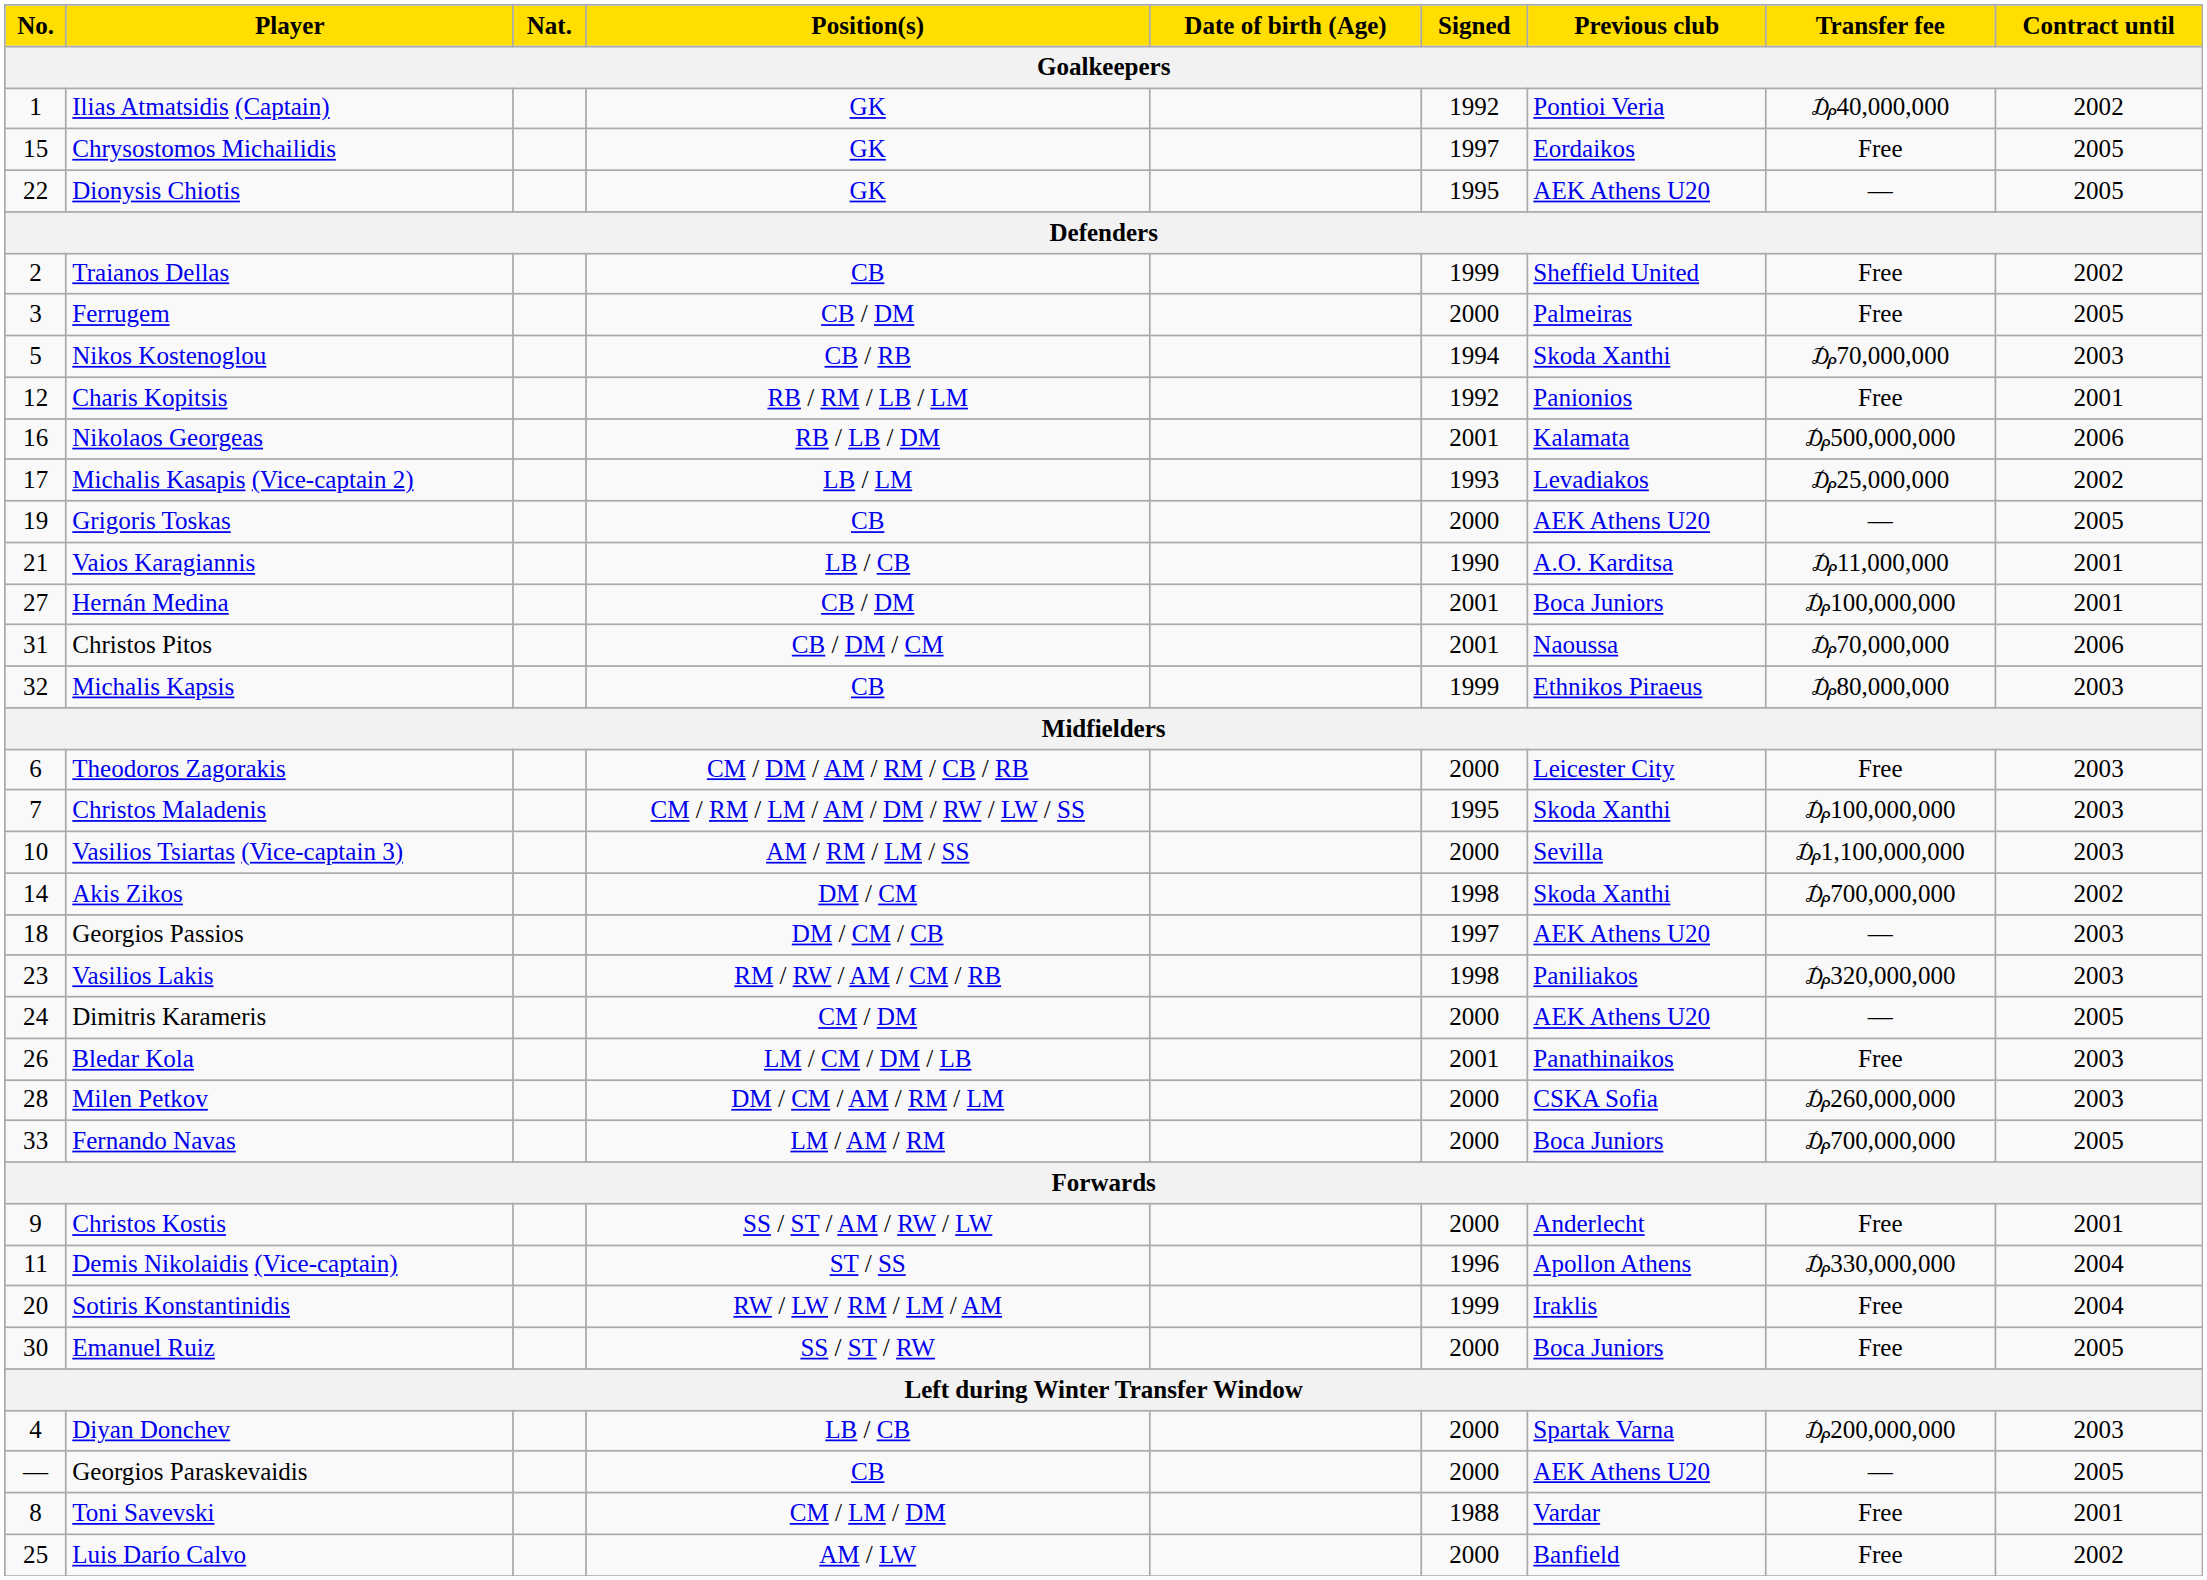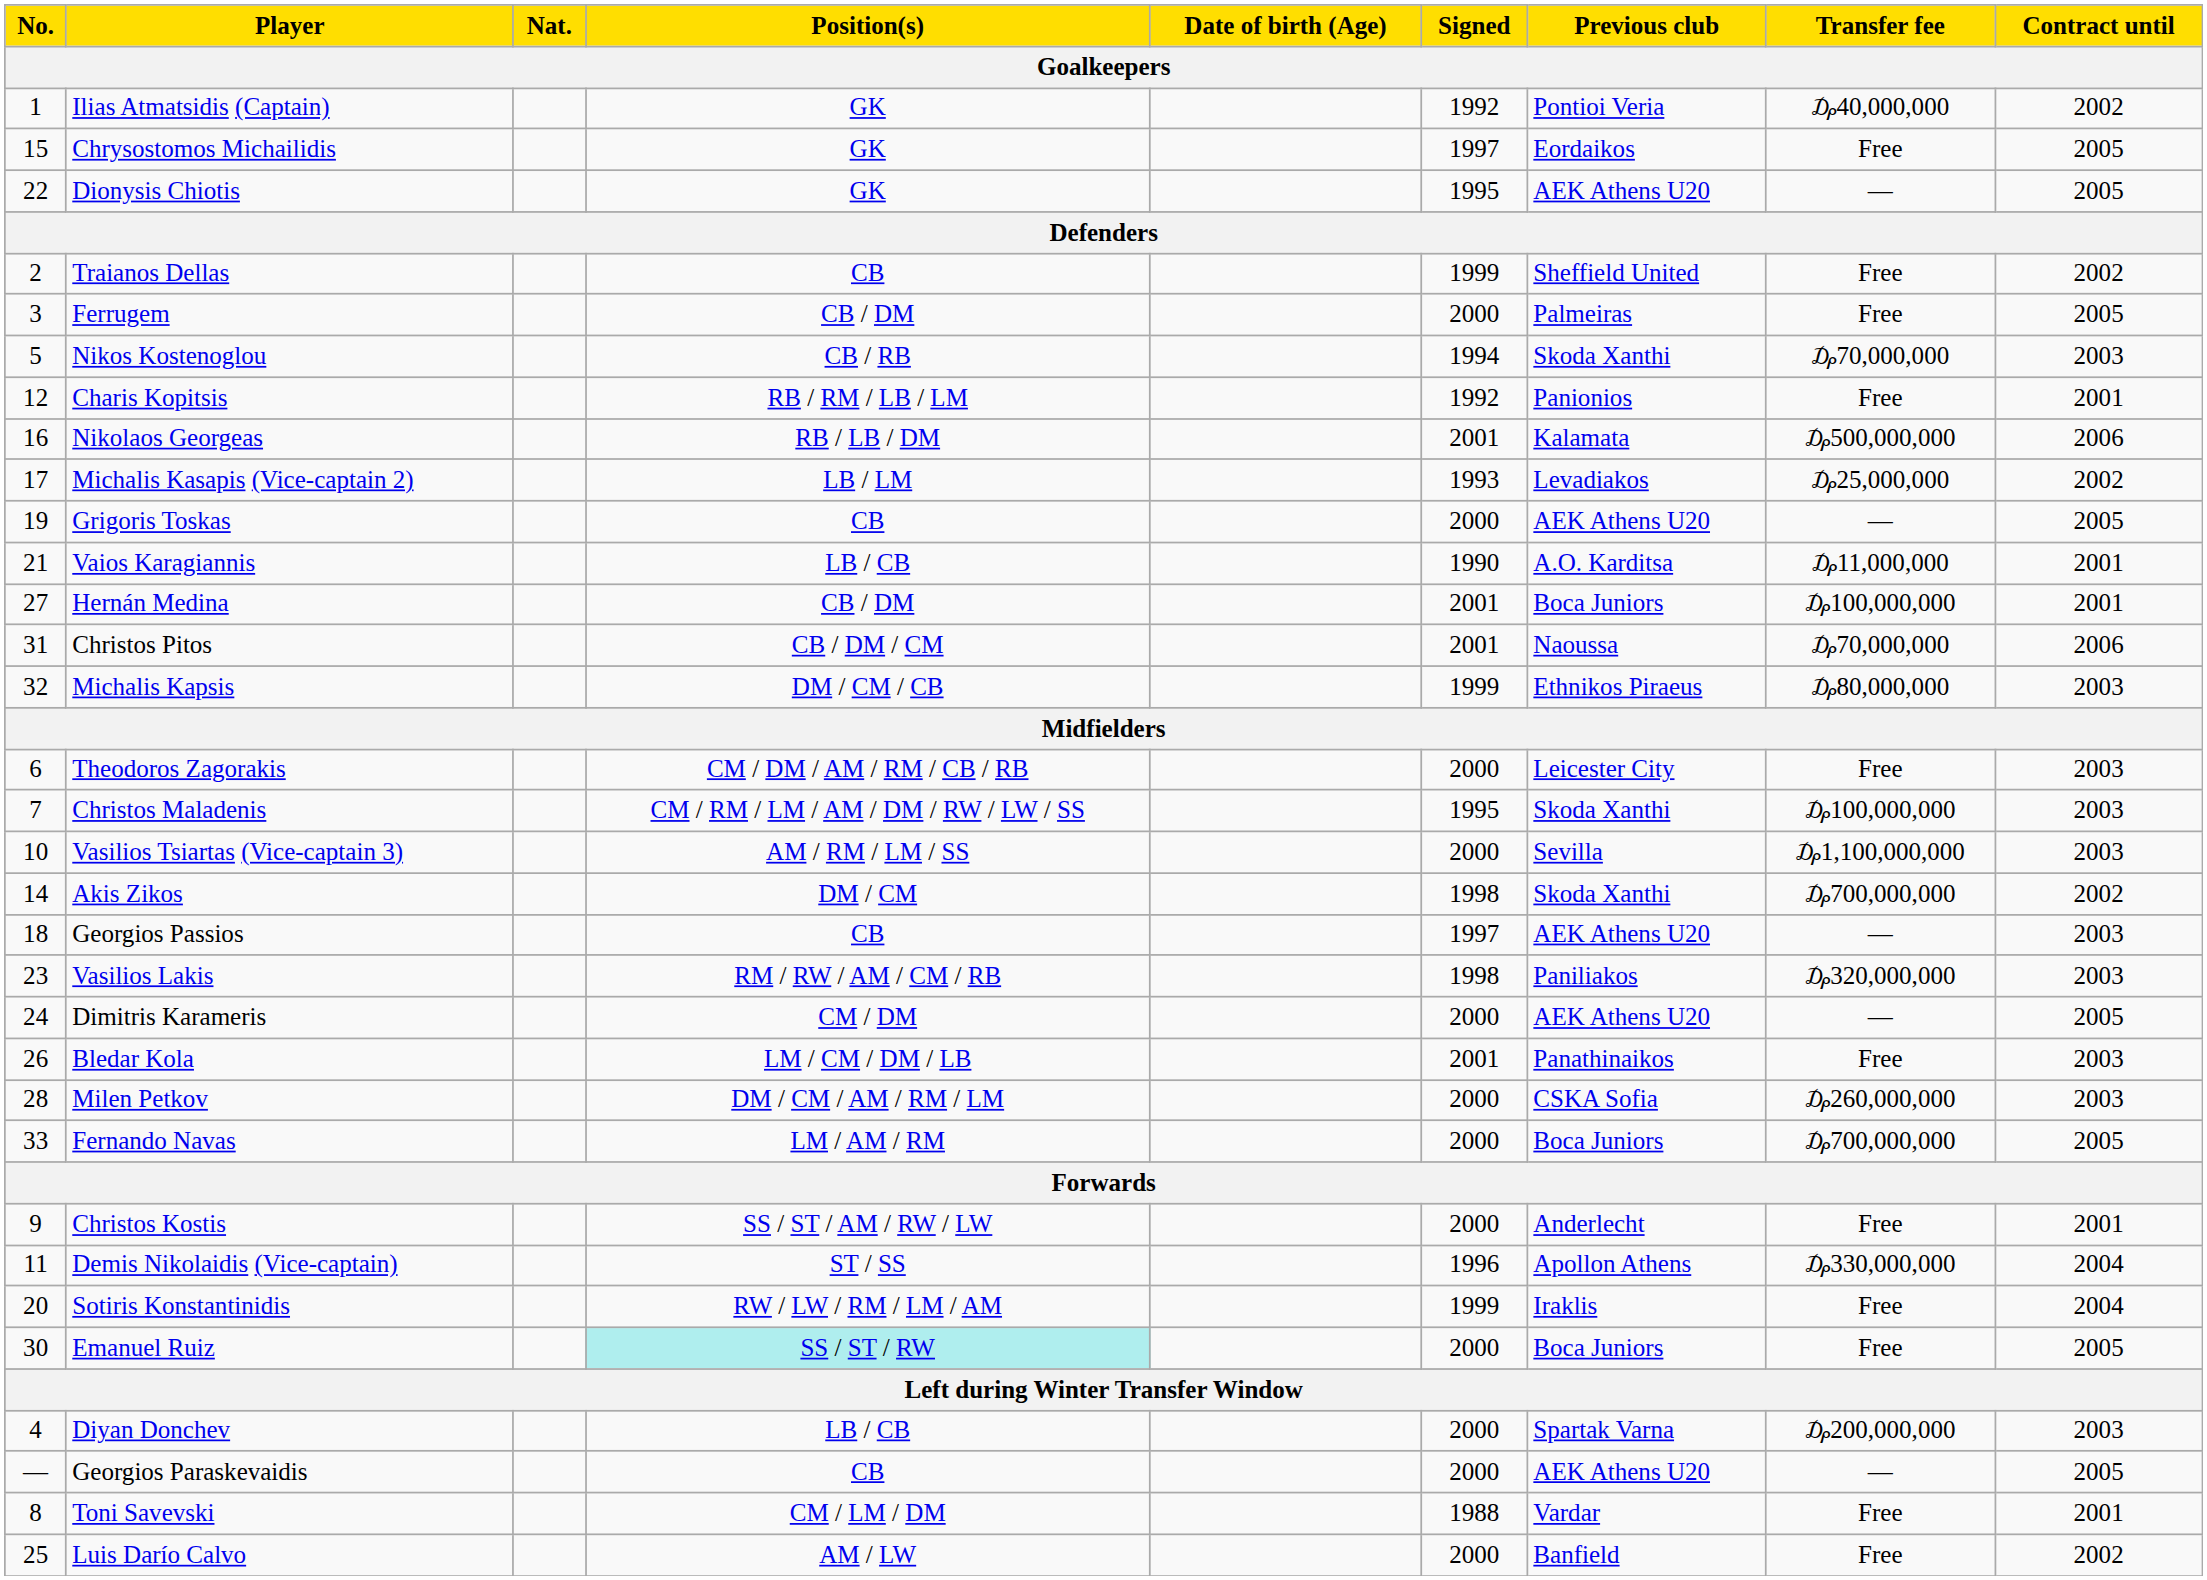 <table class="wikitable" style="text-align:center; font-size:90%; width:100%">
 <tr>
 <th style="background:#FFDE00">No.</th>
 <th style="background:#FFDE00">Player</th>
 <th style="background:#FFDE00">Nat.</th>
 <th style="background:#FFDE00">Position(s)</th>
 <th style="background:#FFDE00">Date of birth (Age)</th>
 <th style="background:#FFDE00">Signed</th>
 <th style="background:#FFDE00">Previous club</th>
 <th style="background:#FFDE00">Transfer fee</th>
 <th style="background:#FFDE00">Contract until</th>
 </tr>
 <tr>
 <th colspan="9">Goalkeepers</th>
 </tr>
 <tr>
 <td>1</td>
 <td align=left><a href='#'>Ilias Atmatsidis</a> <a href='#'>(Captain)</a></td>
 <td></td>
 <td><a href='#'>GK</a></td>
 <td></td>
 <td>1992</td>
 <td align=left> <a href='#'>Pontioi Veria</a></td>
 <td>₯40,000,000</td>
 <td>2002</td>
 </tr>
 <tr>
 <td>15</td>
 <td align=left><a href='#'>Chrysostomos Michailidis</a></td>
 <td></td>
 <td><a href='#'>GK</a></td>
 <td></td>
 <td>1997</td>
 <td align=left> <a href='#'>Eordaikos</a></td>
 <td>Free</td>
 <td>2005</td>
 </tr>
 <tr>
 <td>22</td>
 <td align=left><a href='#'>Dionysis Chiotis</a></td>
 <td></td>
 <td><a href='#'>GK</a></td>
 <td></td>
 <td>1995</td>
 <td align=left> <a href='#'>AEK Athens U20</a></td>
 <td>—</td>
 <td>2005</td>
 </tr>
 <tr>
 <th colspan="9">Defenders</th>
 </tr>
 <tr>
 <td>2</td>
 <td align=left><a href='#'>Traianos Dellas</a></td>
 <td></td>
 <td><a href='#'>CB</a></td>
 <td></td>
 <td>1999</td>
 <td align=left> <a href='#'>Sheffield United</a></td>
 <td>Free</td>
 <td>2002</td>
 </tr>
 <tr>
 <td>3</td>
 <td align=left><a href='#'>Ferrugem</a></td>
 <td></td>
 <td><a href='#'>CB</a> / <a href='#'>DM</a></td>
 <td></td>
 <td>2000</td>
 <td align=left> <a href='#'>Palmeiras</a></td>
 <td>Free</td>
 <td>2005</td>
 </tr>
 <tr>
 <td>5</td>
 <td align=left><a href='#'>Nikos Kostenoglou</a></td>
 <td></td>
 <td><a href='#'>CB</a> / <a href='#'>RB</a></td>
 <td></td>
 <td>1994</td>
 <td align=left> <a href='#'>Skoda Xanthi</a></td>
 <td>₯70,000,000</td>
 <td>2003</td>
 </tr>
 <tr>
 <td>12</td>
 <td align=left><a href='#'>Charis Kopitsis</a></td>
 <td></td>
 <td><a href='#'>RB</a> / <a href='#'>RM</a> / <a href='#'>LB</a> / <a href='#'>LM</a></td>
 <td></td>
 <td>1992</td>
 <td align=left> <a href='#'>Panionios</a></td>
 <td>Free</td>
 <td>2001</td>
 </tr>
 <tr>
 <td>16</td>
 <td align=left><a href='#'>Nikolaos Georgeas</a></td>
 <td></td>
 <td><a href='#'>RB</a> / <a href='#'>LB</a> / <a href='#'>DM</a></td>
 <td></td>
 <td>2001</td>
 <td align=left> <a href='#'>Kalamata</a></td>
 <td>₯500,000,000</td>
 <td>2006</td>
 </tr>
 <tr>
 <td>17</td>
 <td align=left><a href='#'>Michalis Kasapis</a> <a href='#'>(Vice-captain 2)</a></td>
 <td></td>
 <td><a href='#'>LB</a> / <a href='#'>LM</a></td>
 <td></td>
 <td>1993</td>
 <td align=left> <a href='#'>Levadiakos</a></td>
 <td>₯25,000,000</td>
 <td>2002</td>
 </tr>
 <tr>
 <td>19</td>
 <td align=left><a href='#'>Grigoris Toskas</a></td>
 <td></td>
 <td><a href='#'>CB</a></td>
 <td></td>
 <td>2000</td>
 <td align=left> <a href='#'>AEK Athens U20</a></td>
 <td>—</td>
 <td>2005</td>
 </tr>
 <tr>
 <td>21</td>
 <td align=left><a href='#'>Vaios Karagiannis</a></td>
 <td></td>
 <td><a href='#'>LB</a> / <a href='#'>CB</a></td>
 <td></td>
 <td>1990</td>
 <td align=left> <a href='#'>A.O. Karditsa</a></td>
 <td>₯11,000,000</td>
 <td>2001</td>
 </tr>
 <tr>
 <td>27</td>
 <td align=left><a href='#'>Hernán Medina</a></td>
 <td></td>
 <td><a href='#'>CB</a> / <a href='#'>DM</a></td>
 <td></td>
 <td>2001</td>
 <td align=left> <a href='#'>Boca Juniors</a></td>
 <td>₯100,000,000</td>
 <td>2001</td>
 </tr>
 <tr>
 <td>31</td>
 <td align=left>Christos Pitos</td>
 <td></td>
 <td><a href='#'>CB</a> / <a href='#'>DM</a> / <a href='#'>CM</a></td>
 <td></td>
 <td>2001</td>
 <td align=left> <a href='#'>Naoussa</a></td>
 <td>₯70,000,000</td>
 <td>2006</td>
 </tr>
 <tr>
 <td>32</td>
 <td align=left><a href='#'>Michalis Kapsis</a></td>
 <td></td>
-<td><a href='#'>CB</a></td>
+<td><a href='#'>DM</a> / <a href='#'>CM</a> / <a href='#'>CB</a></td>
 <td></td>
 <td>1999</td>
 <td align=left> <a href='#'>Ethnikos Piraeus</a></td>
 <td>₯80,000,000</td>
 <td>2003</td>
 </tr>
 <tr>
 <th colspan="9">Midfielders</th>
 </tr>
 <tr>
 <td>6</td>
 <td align=left><a href='#'>Theodoros Zagorakis</a></td>
 <td></td>
 <td><a href='#'>CM</a> / <a href='#'>DM</a> / <a href='#'>AM</a> / <a href='#'>RM</a> / <a href='#'>CB</a> / <a href='#'>RB</a></td>
 <td></td>
 <td>2000</td>
 <td align=left> <a href='#'>Leicester City</a></td>
 <td>Free</td>
 <td>2003</td>
 </tr>
 <tr>
 <td>7</td>
 <td align=left><a href='#'>Christos Maladenis</a></td>
 <td></td>
 <td><a href='#'>CM</a> / <a href='#'>RM</a> / <a href='#'>LM</a> / <a href='#'>AM</a> / <a href='#'>DM</a> / <a href='#'>RW</a> / <a href='#'>LW</a> / <a href='#'>SS</a></td>
 <td></td>
 <td>1995</td>
 <td align=left> <a href='#'>Skoda Xanthi</a></td>
 <td>₯100,000,000</td>
 <td>2003</td>
 </tr>
 <tr>
 <td>10</td>
 <td align=left><a href='#'>Vasilios Tsiartas</a> <a href='#'>(Vice-captain 3)</a></td>
 <td></td>
 <td><a href='#'>AM</a> / <a href='#'>RM</a> / <a href='#'>LM</a> / <a href='#'>SS</a></td>
 <td></td>
 <td>2000</td>
 <td align=left> <a href='#'>Sevilla</a></td>
 <td>₯1,100,000,000</td>
 <td>2003</td>
 </tr>
 <tr>
 <td>14</td>
 <td align=left><a href='#'>Akis Zikos</a></td>
 <td></td>
 <td><a href='#'>DM</a> / <a href='#'>CM</a></td>
 <td></td>
 <td>1998</td>
 <td align=left> <a href='#'>Skoda Xanthi</a></td>
 <td>₯700,000,000</td>
 <td>2002</td>
 </tr>
 <tr>
 <td>18</td>
 <td align=left>Georgios Passios</td>
 <td></td>
-<td><a href='#'>DM</a> / <a href='#'>CM</a> / <a href='#'>CB</a></td>
+<td><a href='#'>CB</a></td>
 <td></td>
 <td>1997</td>
 <td align=left> <a href='#'>AEK Athens U20</a></td>
 <td>—</td>
 <td>2003</td>
 </tr>
 <tr>
 <td>23</td>
 <td align=left><a href='#'>Vasilios Lakis</a></td>
 <td></td>
 <td><a href='#'>RM</a> / <a href='#'>RW</a> / <a href='#'>AM</a> / <a href='#'>CM</a> / <a href='#'>RB</a></td>
 <td></td>
 <td>1998</td>
 <td align=left> <a href='#'>Paniliakos</a></td>
 <td>₯320,000,000</td>
 <td>2003</td>
 </tr>
 <tr>
 <td>24</td>
 <td align=left>Dimitris Karameris</td>
 <td></td>
 <td><a href='#'>CM</a> / <a href='#'>DM</a></td>
 <td></td>
 <td>2000</td>
 <td align=left> <a href='#'>AEK Athens U20</a></td>
 <td>—</td>
 <td>2005</td>
 </tr>
 <tr>
 <td>26</td>
 <td align=left><a href='#'>Bledar Kola</a></td>
 <td></td>
 <td><a href='#'>LM</a> / <a href='#'>CM</a> / <a href='#'>DM</a> / <a href='#'>LB</a></td>
 <td></td>
 <td>2001</td>
 <td align=left> <a href='#'>Panathinaikos</a></td>
 <td>Free</td>
 <td>2003</td>
 </tr>
 <tr>
 <td>28</td>
 <td align=left><a href='#'>Milen Petkov</a></td>
 <td></td>
 <td><a href='#'>DM</a> / <a href='#'>CM</a> / <a href='#'>AM</a> / <a href='#'>RM</a> / <a href='#'>LM</a></td>
 <td></td>
 <td>2000</td>
 <td align=left> <a href='#'>CSKA Sofia</a></td>
 <td>₯260,000,000</td>
 <td>2003</td>
 </tr>
 <tr>
 <td>33</td>
 <td align=left><a href='#'>Fernando Navas</a></td>
 <td></td>
 <td><a href='#'>LM</a> / <a href='#'>AM</a> / <a href='#'>RM</a></td>
 <td></td>
 <td>2000</td>
 <td align=left> <a href='#'>Boca Juniors</a></td>
 <td>₯700,000,000</td>
 <td>2005</td>
 </tr>
 <tr>
 <th colspan="9">Forwards</th>
 </tr>
 <tr>
 <td>9</td>
 <td align=left><a href='#'>Christos Kostis</a></td>
 <td></td>
 <td><a href='#'>SS</a> / <a href='#'>ST</a> / <a href='#'>AM</a> / <a href='#'>RW</a> / <a href='#'>LW</a></td>
 <td></td>
 <td>2000</td>
 <td align=left> <a href='#'>Anderlecht</a></td>
 <td>Free</td>
 <td>2001</td>
 </tr>
 <tr>
 <td>11</td>
 <td align=left><a href='#'>Demis Nikolaidis</a> <a href='#'>(Vice-captain)</a></td>
 <td></td>
 <td><a href='#'>ST</a> / <a href='#'>SS</a></td>
 <td></td>
 <td>1996</td>
 <td align=left> <a href='#'>Apollon Athens</a></td>
 <td>₯330,000,000</td>
 <td>2004</td>
 </tr>
 <tr>
 <td>20</td>
 <td align=left><a href='#'>Sotiris Konstantinidis</a></td>
 <td></td>
 <td><a href='#'>RW</a> / <a href='#'>LW</a> / <a href='#'>RM</a> / <a href='#'>LM</a> / <a href='#'>AM</a></td>
 <td></td>
 <td>1999</td>
 <td align=left> <a href='#'>Iraklis</a></td>
 <td>Free</td>
 <td>2004</td>
 </tr>
 <tr>
 <td>30</td>
 <td align=left><a href='#'>Emanuel Ruiz</a></td>
 <td></td>
-<td><a href='#'>SS</a> / <a href='#'>ST</a> / <a href='#'>RW</a></td>
+<td style="background: paleturquoise;"><a href='#'>SS</a> / <a href='#'>ST</a> / <a href='#'>RW</a></td>
 <td></td>
 <td>2000</td>
 <td align=left> <a href='#'>Boca Juniors</a></td>
 <td>Free</td>
 <td>2005</td>
 </tr>
 <tr>
 <th colspan="9">Left during Winter Transfer Window</th>
 </tr>
 <tr>
 <td>4</td>
 <td align=left><a href='#'>Diyan Donchev</a></td>
 <td></td>
 <td><a href='#'>LB</a> / <a href='#'>CB</a></td>
 <td></td>
 <td>2000</td>
 <td align=left> <a href='#'>Spartak Varna</a></td>
 <td>₯200,000,000</td>
 <td>2003</td>
 </tr>
 <tr>
 <td>—</td>
 <td align=left>Georgios Paraskevaidis</td>
 <td></td>
 <td><a href='#'>CB</a></td>
 <td></td>
 <td>2000</td>
 <td align=left> <a href='#'>AEK Athens U20</a></td>
 <td>—</td>
 <td>2005</td>
 </tr>
 <tr>
 <td>8</td>
 <td align=left><a href='#'>Toni Savevski</a></td>
 <td></td>
 <td><a href='#'>CM</a> / <a href='#'>LM</a> / <a href='#'>DM</a></td>
 <td></td>
 <td>1988</td>
 <td align=left> <a href='#'>Vardar</a></td>
 <td>Free</td>
 <td>2001</td>
 </tr>
 <tr>
 <td>25</td>
 <td align=left><a href='#'>Luis Darío Calvo</a></td>
 <td></td>
 <td><a href='#'>AM</a> / <a href='#'>LW</a></td>
 <td></td>
 <td>2000</td>
 <td align=left> <a href='#'>Banfield</a></td>
 <td>Free</td>
 <td>2002</td>
 </tr>
 </table>
